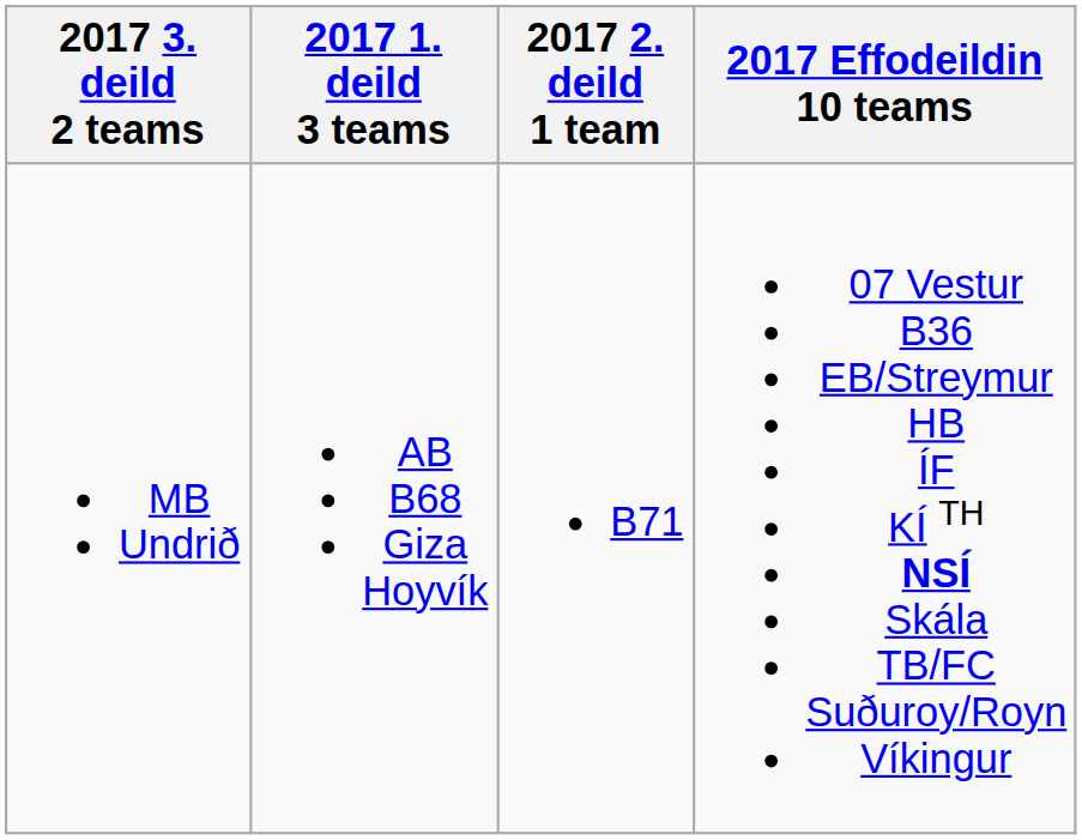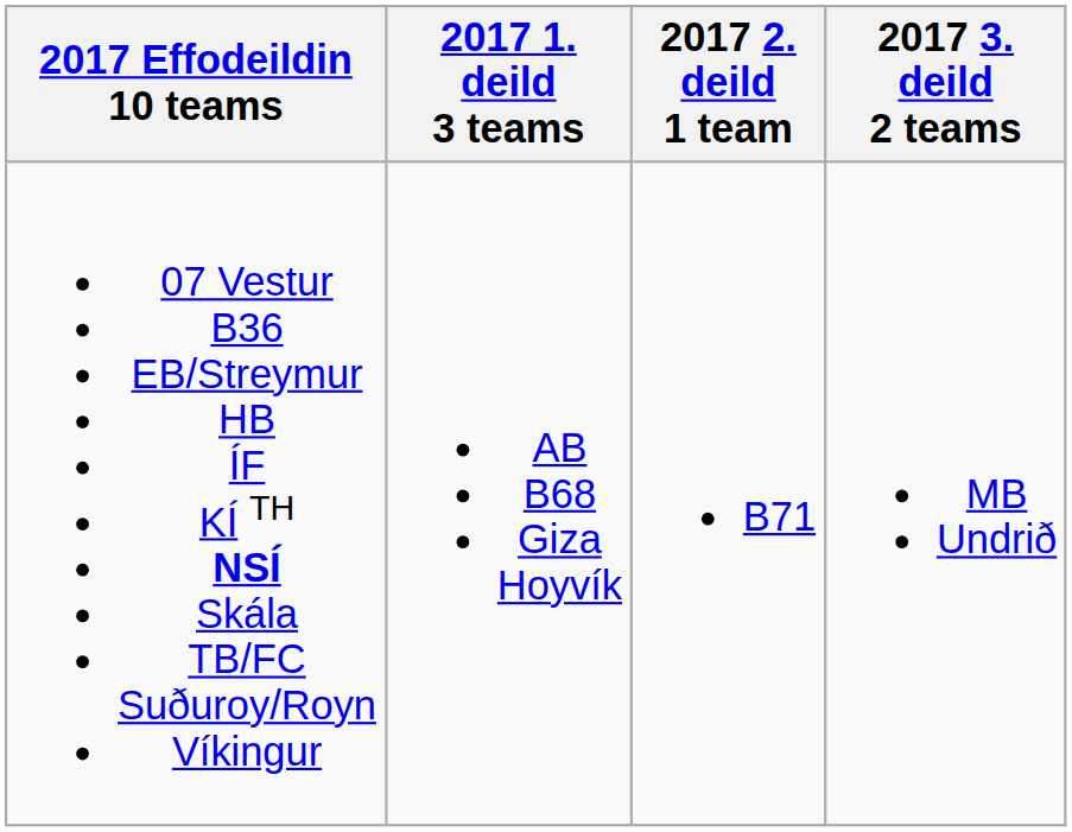 <table class="wikitable" style="text-align:center;" width="60%">
 <tr>
-<th><strong>2017 <a href='#'>3. deild</a></strong><br>2 teams</th>
+<th><strong><a href='#'>2017 Effodeildin</a></strong><br>10 teams</th>
 <th><strong><a href='#'>2017 1. deild</a></strong><br>3 teams</th>
 <th><strong>2017 <a href='#'>2. deild</a></strong><br>1 team</th>
-<th><strong><a href='#'>2017 Effodeildin</a></strong><br>10 teams</th>
+<th><strong>2017 <a href='#'>3. deild</a></strong><br>2 teams</th>
 </tr>
 <tr>
-<td><br><ul><li><a href='#'>MB</a></li><li><a href='#'>Undrið</a></li></ul></td>
+<td><br><ul><li><a href='#'>07 Vestur</a></li><li><a href='#'>B36</a></li><li><a href='#'>EB/Streymur</a></li><li><a href='#'>HB</a></li><li><a href='#'>ÍF</a></li><li><a href='#'>KÍ</a> <sup>TH</sup></li><li><strong><a href='#'>NSÍ</a></strong></li><li><a href='#'>Skála</a></li><li><a href='#'>TB/FC Suðuroy/Royn</a></li><li><a href='#'>Víkingur</a></li></ul></td>
 <td><br><ul><li><a href='#'>AB</a></li><li><a href='#'>B68</a></li><li><a href='#'>Giza Hoyvík</a></li></ul></td>
 <td><br><ul><li><a href='#'>B71</a></li></ul></td>
-<td><br><ul><li><a href='#'>07 Vestur</a></li><li><a href='#'>B36</a></li><li><a href='#'>EB/Streymur</a></li><li><a href='#'>HB</a></li><li><a href='#'>ÍF</a></li><li><a href='#'>KÍ</a> <sup>TH</sup></li><li><strong><a href='#'>NSÍ</a></strong></li><li><a href='#'>Skála</a></li><li><a href='#'>TB/FC Suðuroy/Royn</a></li><li><a href='#'>Víkingur</a></li></ul></td>
+<td><br><ul><li><a href='#'>MB</a></li><li><a href='#'>Undrið</a></li></ul></td>
 </tr>
 </table>
